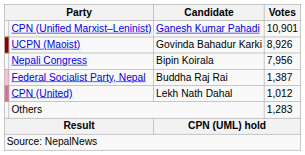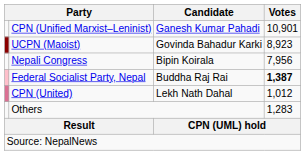 <table class="wikitable">
 <tr>
 <th colspan="2">Party</th>
 <th>Candidate</th>
 <th>Votes</th>
 </tr>
 <tr>
 <td style="background-color:"></td>
 <td><a href='#'>CPN (Unified Marxist–Leninist)</a></td>
 <td><a href='#'>Ganesh Kumar Pahadi</a></td>
 <td>10,901</td>
 </tr>
 <tr>
 <td style="background-color:darkred"></td>
 <td><a href='#'>UCPN (Maoist)</a></td>
 <td>Govinda Bahadur Karki</td>
-<td>8,926</td>
+<td>8,923</td>
 </tr>
 <tr>
 <td style="background-color:"></td>
 <td><a href='#'>Nepali Congress</a></td>
 <td>Bipin Koirala</td>
 <td>7,956</td>
 </tr>
 <tr>
 <td style="background-color:pink"></td>
 <td><a href='#'>Federal Socialist Party, Nepal</a></td>
 <td>Buddha Raj Rai</td>
-<td>1,387</td>
+<td><strong>1,387</strong></td>
 </tr>
 <tr>
 <td style="background-color:palevioletred"></td>
 <td><a href='#'>CPN (United)</a></td>
 <td>Lekh Nath Dahal</td>
 <td>1,012</td>
 </tr>
 <tr>
 <td></td>
 <td colspan="2">Others</td>
 <td>1,283</td>
 </tr>
 <tr>
 <th colspan="2">Result</th>
 <th colspan="2">CPN (UML) hold</th>
 </tr>
 <tr>
 <td colspan="4">Source: NepalNews</td>
 </tr>
 </table>
